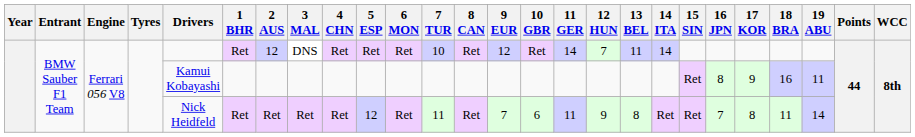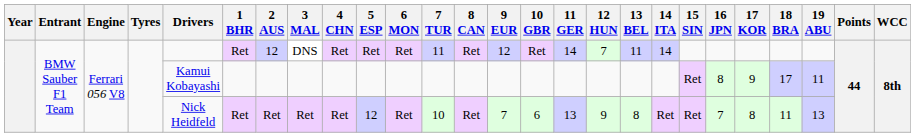 <table class="wikitable" style="text-align:center; font-size:95%">
 <tr>
 <th>Year</th>
 <th>Entrant</th>
 <th>Engine</th>
 <th>Tyres</th>
 <th>Drivers</th>
 <th>1 <br> <a href='#'>BHR</a></th>
 <th>2 <br> <a href='#'>AUS</a></th>
 <th>3 <br> <a href='#'>MAL</a></th>
 <th>4 <br> <a href='#'>CHN</a></th>
 <th>5 <br> <a href='#'>ESP</a></th>
 <th>6 <br> <a href='#'>MON</a></th>
 <th>7 <br> <a href='#'>TUR</a></th>
 <th>8 <br> <a href='#'>CAN</a></th>
 <th>9 <br> <a href='#'>EUR</a></th>
 <th>10 <br> <a href='#'>GBR</a></th>
 <th>11 <br> <a href='#'>GER</a></th>
 <th>12 <br> <a href='#'>HUN</a></th>
 <th>13 <br> <a href='#'>BEL</a></th>
 <th>14 <br> <a href='#'>ITA</a></th>
 <th>15 <br> <a href='#'>SIN</a></th>
 <th>16 <br> <a href='#'>JPN</a></th>
 <th>17 <br> <a href='#'>KOR</a></th>
 <th>18 <br> <a href='#'>BRA</a></th>
 <th>19 <br> <a href='#'>ABU</a></th>
 <th>Points</th>
 <th>WCC</th>
 </tr>
 <tr>
 <th rowspan=3></th>
 <td rowspan=3><a href='#'>BMW Sauber F1 Team</a></td>
 <td rowspan=3><a href='#'>Ferrari</a> <em>056</em> <a href='#'>V8</a></td>
 <td rowspan=3></td>
 <td> </td>
 <td style="background:#EFCFFF;">Ret</td>
 <td style="background:#CFCFFF;">12</td>
 <td style="background:#FFFFFF;">DNS</td>
 <td style="background:#EFCFFF;">Ret</td>
 <td style="background:#EFCFFF;">Ret</td>
 <td style="background:#EFCFFF;">Ret</td>
-<td style="background:#CFCFFF;">10</td>
+<td style="background:#CFCFFF;">11</td>
 <td style="background:#EFCFFF;">Ret</td>
 <td style="background:#CFCFFF;">12</td>
 <td style="background:#EFCFFF;">Ret</td>
 <td style="background:#CFCFFF;">14</td>
 <td style="background:#DFFFDF;">7</td>
 <td style="background:#CFCFFF;">11</td>
 <td style="background:#CFCFFF;">14</td>
 <td></td>
 <td></td>
 <td></td>
 <td></td>
 <td></td>
 <th rowspan=3>44</th>
 <th rowspan=3>8th</th>
 </tr>
 <tr>
 <td> <a href='#'>Kamui Kobayashi</a></td>
 <td></td>
 <td></td>
 <td></td>
 <td></td>
 <td></td>
 <td></td>
 <td></td>
 <td></td>
 <td></td>
 <td></td>
 <td></td>
 <td></td>
 <td></td>
 <td></td>
 <td style="background:#EFCFFF;">Ret</td>
 <td style="background:#DFFFDF;">8</td>
 <td style="background:#DFFFDF;">9</td>
-<td style="background:#CFCFFF;">16</td>
+<td style="background:#CFCFFF;">17</td>
 <td style="background:#CFCFFF;">11</td>
 </tr>
 <tr>
 <td> <a href='#'>Nick Heidfeld</a></td>
 <td style="background:#EFCFFF;">Ret</td>
 <td style="background:#EFCFFF;">Ret</td>
 <td style="background:#EFCFFF;">Ret</td>
 <td style="background:#EFCFFF;">Ret</td>
 <td style="background:#CFCFFF;">12</td>
 <td style="background:#EFCFFF;">Ret</td>
-<td style="background:#DFFFDF;">11</td>
+<td style="background:#DFFFDF;">10</td>
 <td style="background:#EFCFFF;">Ret</td>
 <td style="background:#DFFFDF;">7</td>
 <td style="background:#DFFFDF;">6</td>
-<td style="background:#CFCFFF;">11</td>
+<td style="background:#CFCFFF;">13</td>
 <td style="background:#DFFFDF;">9</td>
 <td style="background:#DFFFDF;">8</td>
 <td style="background:#EFCFFF;">Ret</td>
 <td style="background:#EFCFFF;">Ret</td>
 <td style="background:#DFFFDF;">7</td>
 <td style="background:#DFFFDF;">8</td>
 <td style="background:#DFFFDF;">11</td>
-<td style="background:#CFCFFF;">14</td>
+<td style="background:#CFCFFF;">13</td>
 </tr>
 </table>
